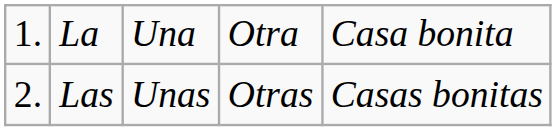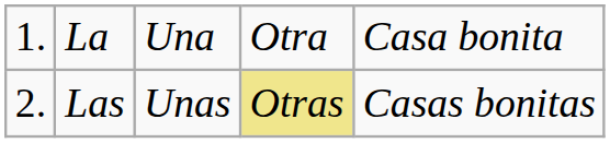 <table class="wikitable">
 <tr>
 <td>1.</td>
 <td><em>La</em></td>
 <td><em>Una</em></td>
 <td><em>Otra</em></td>
 <td><em>Casa bonita</em></td>
 </tr>
 <tr>
 <td>2.</td>
 <td><em>Las</em></td>
 <td><em>Unas</em></td>
-<td><em>Otras</em></td>
+<td style="background: khaki;"><em>Otras</em></td>
 <td><em>Casas bonitas</em></td>
 </tr>
 </table>
